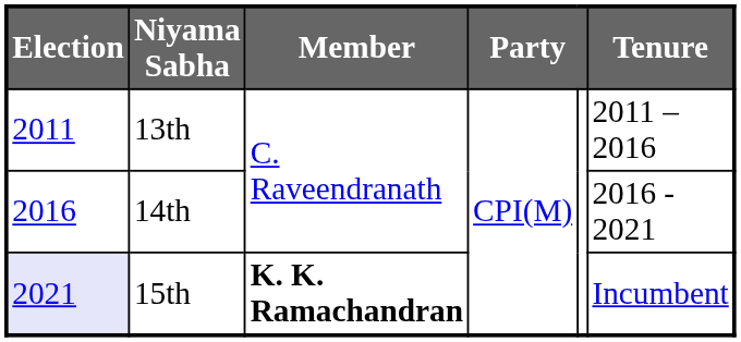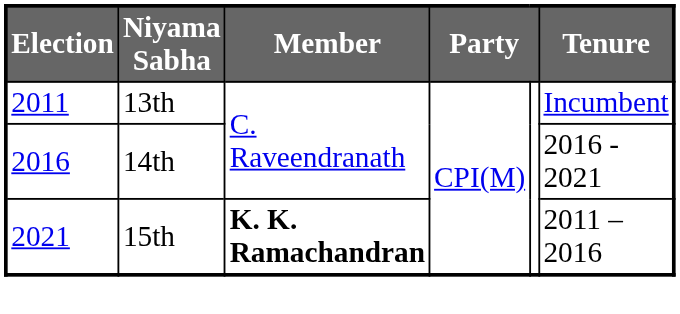 <table class="sortable" width="50%" cellpadding="2" cellspacing="0" border="1" style="border-collapse: collapse; border: 2px #000000 solid; font-size: x-big;">
 <tr>
 <th style="background-color:#666666; color:white">Election</th>
 <th style="background-color:#666666; color:white">Niyama<br>Sabha</th>
 <th style="background-color:#666666; color:white">Member</th>
 <th colspan="2" style="background-color:#666666; color:white">Party</th>
 <th style="background-color:#666666; color:white">Tenure</th>
 </tr>
 <tr>
 <td><a href='#'>2011</a></td>
 <td>13th</td>
 <td rowspan="2"><a href='#'>C. Raveendranath</a></td>
 <td rowspan="3"><a href='#'>CPI(M)</a></td>
 <td rowspan="3" style="background-color: "></td>
-<td>2011 – 2016</td>
+<td><a href='#'>Incumbent</a></td>
 </tr>
 <tr>
 <td><a href='#'>2016</a></td>
 <td>14th</td>
 <td>2016 - 2021</td>
 </tr>
 <tr>
-<td style="background: lavender;"><a href='#'>2021</a></td>
+<td><a href='#'>2021</a></td>
 <td>15th</td>
 <td><strong>K. K. Ramachandran</strong></td>
-<td><a href='#'>Incumbent</a></td>
+<td>2011 – 2016</td>
 </tr>
 </table>
